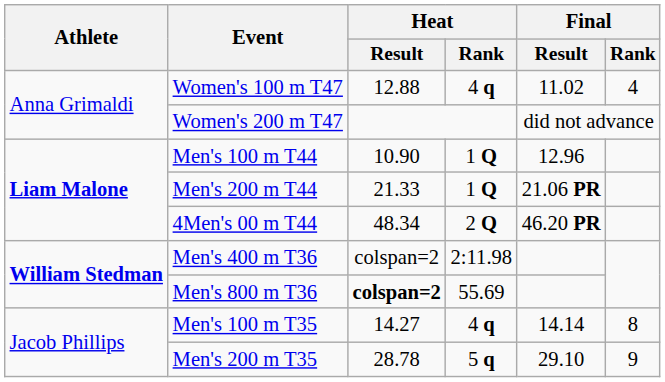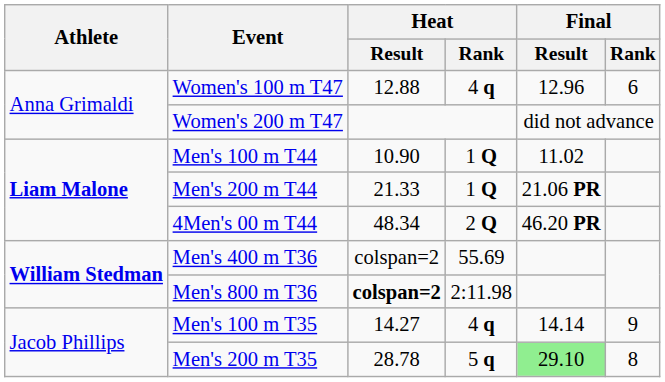 <table class="wikitable" style="font-size:90%">
 <tr>
 <th rowspan="2">Athlete</th>
 <th rowspan="2">Event</th>
 <th colspan="2">Heat</th>
 <th colspan="2">Final</th>
 </tr>
 <tr style="font-size:95%">
 <th>Result</th>
 <th>Rank</th>
 <th>Result</th>
 <th>Rank</th>
 </tr>
 <tr style="text-align:center;">
 <td style="text-align:left;" rowspan=2><a href='#'>Anna Grimaldi</a></td>
 <td style="text-align:left;"><a href='#'>Women's 100 m T47</a></td>
 <td>12.88</td>
 <td>4 <strong>q</strong></td>
-<td>11.02</td>
-<td>4</td>
+<td>12.96</td>
+<td>6</td>
 </tr>
 <tr style="text-align:center;">
 <td style="text-align:left;"><a href='#'>Women's 200 m T47</a></td>
 <td colspan=2></td>
 <td colspan=2>did not advance</td>
 </tr>
 <tr style="text-align:center;">
 <td style="text-align:left;" rowspan=3><strong><a href='#'>Liam Malone</a></strong></td>
 <td style="text-align:left;"><a href='#'>Men's 100 m T44</a></td>
 <td>10.90</td>
 <td>1 <strong>Q</strong></td>
-<td>12.96</td>
+<td>11.02</td>
 <td></td>
 </tr>
 <tr style="text-align:center;">
 <td style="text-align:left;"><a href='#'>Men's 200 m T44</a></td>
 <td>21.33</td>
 <td>1 <strong>Q</strong></td>
 <td>21.06 <strong>PR</strong></td>
 <td></td>
 </tr>
 <tr style="text-align:center;">
 <td style="text-align:left;"><a href='#'>4Men's 00 m T44</a></td>
 <td>48.34</td>
 <td>2 <strong>Q</strong></td>
 <td>46.20 <strong>PR</strong></td>
 <td></td>
 </tr>
 <tr style="text-align:center;">
 <td style="text-align:left;" rowspan=2><strong><a href='#'>William Stedman</a></strong></td>
 <td style="text-align:left;"><a href='#'>Men's 400 m T36</a></td>
 <td>colspan=2 </td>
-<td>2:11.98</td>
+<td>55.69</td>
 <td></td>
 </tr>
 <tr style="text-align:center;">
 <td style="text-align:left;"><a href='#'>Men's 800 m T36</a></td>
 <td><strong>colspan=2 </strong></td>
-<td>55.69</td>
+<td>2:11.98</td>
 <td></td>
 </tr>
 <tr style="text-align:center;">
 <td style="text-align:left;" rowspan=2><a href='#'>Jacob Phillips</a></td>
 <td style="text-align:left;"><a href='#'>Men's 100 m T35</a></td>
 <td>14.27</td>
 <td>4 <strong>q</strong></td>
 <td>14.14</td>
-<td>8</td>
+<td>9</td>
 </tr>
 <tr style="text-align:center;">
 <td style="text-align:left;"><a href='#'>Men's 200 m T35</a></td>
 <td>28.78</td>
 <td>5 <strong>q</strong></td>
-<td>29.10</td>
-<td>9</td>
+<td style="background: lightgreen;">29.10</td>
+<td>8</td>
 </tr>
 </table>
